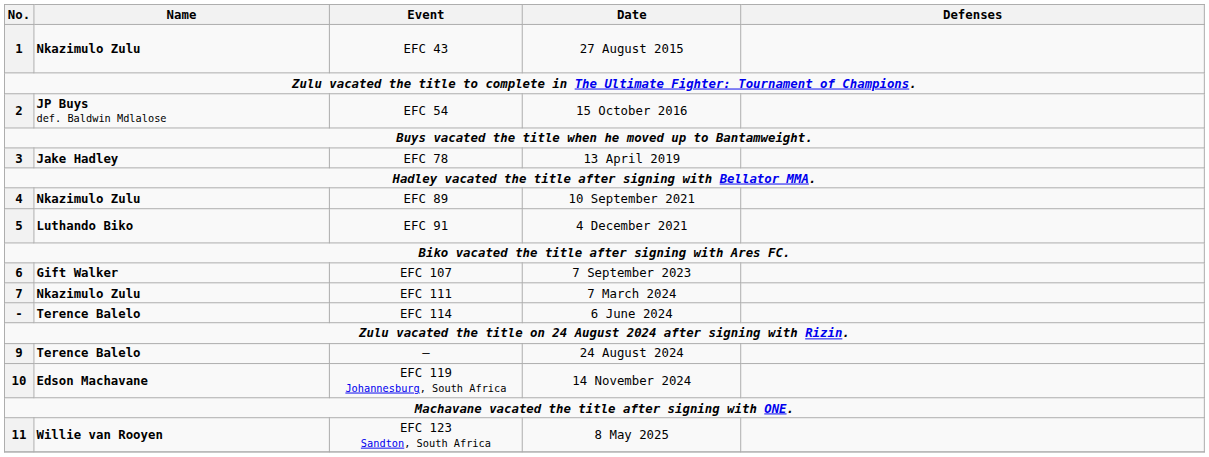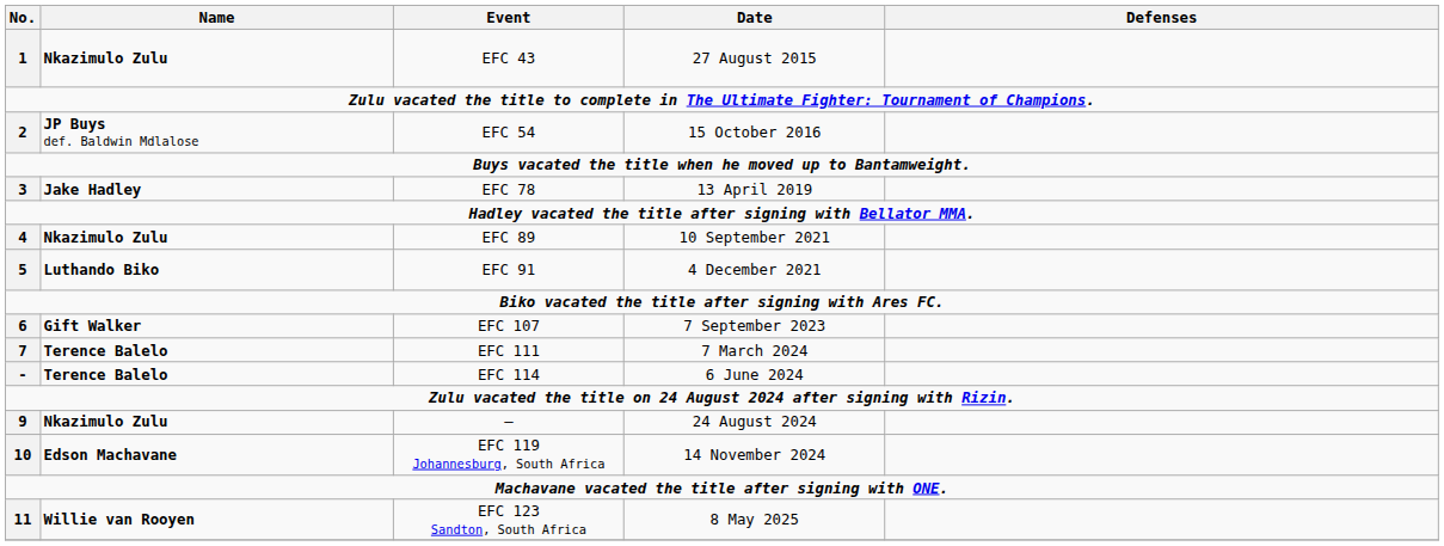 <table class="wikitable" width=100%>
 <tr>
 <th width=1%>No.</th>
 <th width=23%>Name</th>
 <th width=15%>Event</th>
 <th width=17%>Date</th>
 <th width=36%>Defenses</th>
 </tr>
 <tr>
 <th>1</th>
 <td align=left> <strong>Nkazimulo Zulu</strong><br></td>
 <td align=center>EFC 43<br></td>
 <td align=center>27 August 2015</td>
 <td><br><br> <br> </td>
 </tr>
 <tr>
 <td align="center" colspan="6"><strong><em>Zulu vacated the title to complete in <a href='#'>The Ultimate Fighter: Tournament of Champions</a>.</em></strong></td>
 </tr>
 <tr>
 <th>2</th>
 <td align=left> <strong>JP Buys</strong><br><small>def. Baldwin Mdlalose</small></td>
 <td align=center>EFC 54<br></td>
 <td align=center>15 October 2016</td>
 <td></td>
 </tr>
 <tr>
 <td align="center" colspan="6"><strong><em>Buys vacated the title when he moved up to Bantamweight.</em></strong></td>
 </tr>
 <tr>
 <th>3</th>
 <td align=left> <strong>Jake Hadley </strong></td>
 <td align=center>EFC 78<br></td>
 <td align=center>13 April 2019</td>
 <td></td>
 </tr>
 <tr>
 <td align="center" colspan="6"><strong><em>Hadley vacated the title after signing with <a href='#'>Bellator MMA</a>.</em></strong></td>
 </tr>
 <tr>
 <th>4</th>
 <td align=left> <strong>Nkazimulo Zulu</strong>  <br></td>
 <td align=center>EFC 89<br></td>
 <td align=center>10 September 2021</td>
 <td></td>
 </tr>
 <tr>
 <th>5</th>
 <td align=left> <strong>Luthando Biko</strong></td>
 <td align=center>EFC 91<br></td>
 <td align=center>4 December 2021</td>
 <td><br><br></td>
 </tr>
 <tr>
 <td colspan="5" align="center"><strong><em>Biko vacated the title after signing with Ares FC.</em></strong></td>
 </tr>
 <tr>
 <th>6</th>
 <td align=left> <strong>Gift Walker</strong> <br></td>
 <td align=center>EFC 107<br></td>
 <td align=center>7 September 2023</td>
 <td></td>
 </tr>
 <tr>
 <th>7</th>
-<td align=left> <strong>Nkazimulo Zulu</strong> </td>
+<td align=left> <strong>Terence Balelo</strong> <br></td>
 <td align=center>EFC 111<br></td>
 <td align=center>7 March 2024</td>
 <td></td>
 </tr>
 <tr>
 <th>-</th>
 <td align=left> <strong>Terence Balelo</strong>  <br> </td>
 <td align=center>EFC 114<br></td>
 <td align=center>6 June 2024</td>
 <td></td>
 </tr>
 <tr>
 <td colspan="5" align="center"><strong><em>Zulu vacated the title on 24 August 2024 after signing with <a href='#'>Rizin</a>.</em></strong></td>
 </tr>
 <tr>
 <th>9</th>
-<td align=left> <strong>Terence Balelo</strong> <br></td>
+<td align=left> <strong>Nkazimulo Zulu</strong> </td>
 <td align=center>—</td>
 <td align="center">24 August 2024</td>
 <td></td>
 </tr>
 <tr>
 <th>10</th>
 <td align=left> <strong>Edson Machavane</strong></td>
 <td align=center>EFC 119<br><small><a href='#'>Johannesburg</a>, South Africa</small></td>
 <td align="center">14 November 2024</td>
 <td></td>
 </tr>
 <tr>
 <td colspan="5" align="center"><strong><em>Machavane vacated the title after signing with <a href='#'>ONE</a>.</em></strong></td>
 </tr>
 <tr>
 <th>11</th>
 <td align=left> <strong>Willie van Rooyen</strong> <br> </td>
 <td align=center>EFC 123<br><small><a href='#'>Sandton</a>, South Africa</small></td>
 <td align="center">8 May 2025</td>
 <td></td>
 </tr>
 <tr>
 </tr>
 </table>
